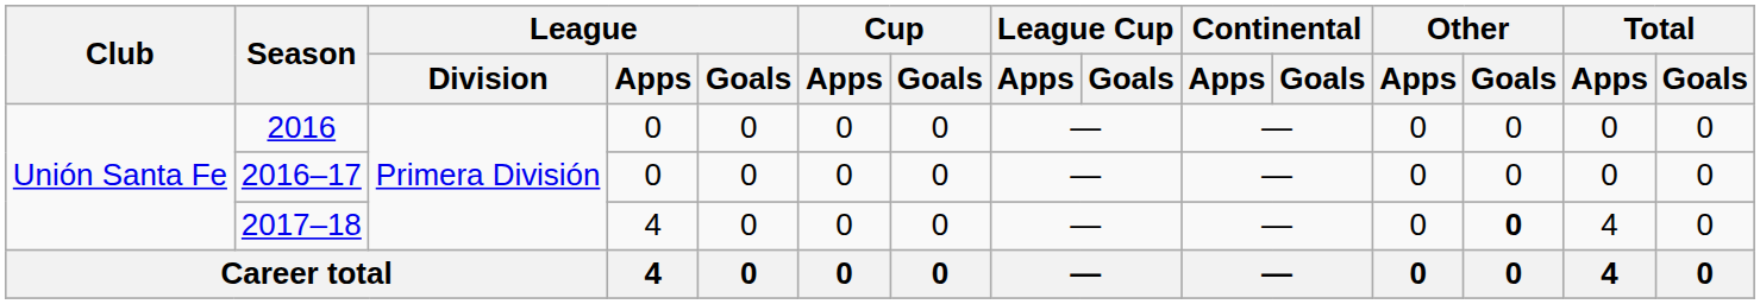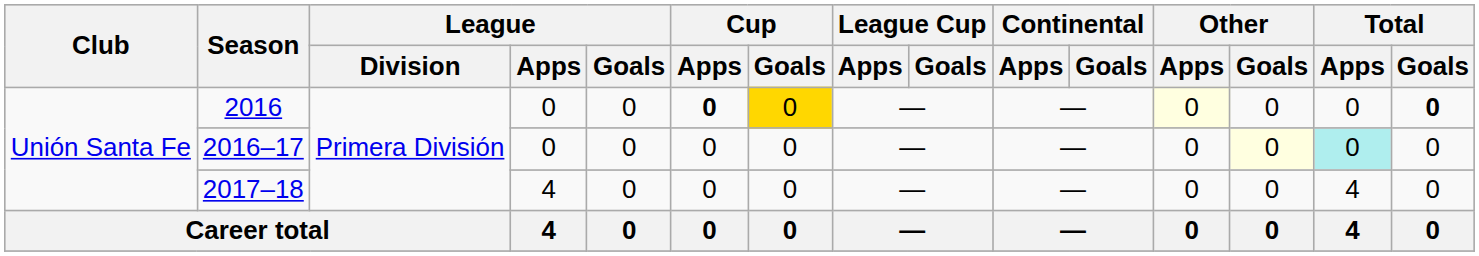 <table class="wikitable" style="text-align:center">
 <tr>
 <th rowspan="2">Club</th>
 <th rowspan="2">Season</th>
 <th colspan="3">League</th>
 <th colspan="2">Cup</th>
 <th colspan="2">League Cup</th>
 <th colspan="2">Continental</th>
 <th colspan="2">Other</th>
 <th colspan="2">Total</th>
 </tr>
 <tr>
 <th>Division</th>
 <th>Apps</th>
 <th>Goals</th>
 <th>Apps</th>
 <th>Goals</th>
 <th>Apps</th>
 <th>Goals</th>
 <th>Apps</th>
 <th>Goals</th>
 <th>Apps</th>
 <th>Goals</th>
 <th>Apps</th>
 <th>Goals</th>
 </tr>
 <tr>
 <td rowspan="3"><a href='#'>Unión Santa Fe</a></td>
 <td><a href='#'>2016</a></td>
 <td rowspan="3"><a href='#'>Primera División</a></td>
 <td>0</td>
 <td>0</td>
+<td><strong>0</strong></td>
+<td style="background: gold;">0</td>
+<td colspan="2">—</td>
+<td colspan="2">—</td>
+<td style="background: lightyellow;">0</td>
 <td>0</td>
 <td>0</td>
-<td colspan="2">—</td>
-<td colspan="2">—</td>
-<td>0</td>
-<td>0</td>
-<td>0</td>
-<td>0</td>
+<td><strong>0</strong></td>
 </tr>
 <tr>
 <td><a href='#'>2016–17</a></td>
 <td>0</td>
 <td>0</td>
 <td>0</td>
 <td>0</td>
 <td colspan="2">—</td>
 <td colspan="2">—</td>
 <td>0</td>
-<td>0</td>
-<td>0</td>
+<td style="background: lightyellow;">0</td>
+<td style="background: paleturquoise;">0</td>
 <td>0</td>
 </tr>
 <tr>
 <td><a href='#'>2017–18</a></td>
 <td>4</td>
 <td>0</td>
 <td>0</td>
 <td>0</td>
 <td colspan="2">—</td>
 <td colspan="2">—</td>
 <td>0</td>
-<td><strong>0</strong></td>
+<td>0</td>
 <td>4</td>
 <td>0</td>
 </tr>
 <tr>
 <th colspan="3">Career total</th>
 <th>4</th>
 <th>0</th>
 <th>0</th>
 <th>0</th>
 <th colspan="2">—</th>
 <th colspan="2">—</th>
 <th>0</th>
 <th>0</th>
 <th>4</th>
 <th>0</th>
 </tr>
 </table>
